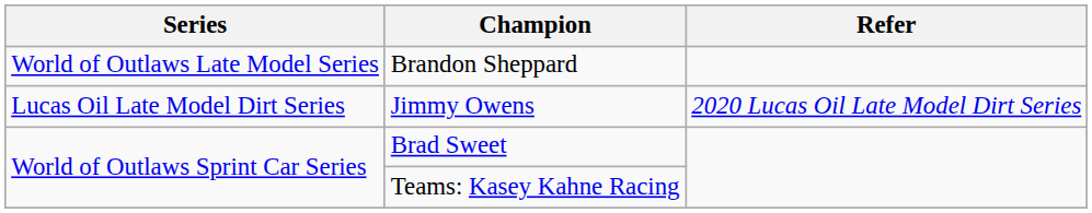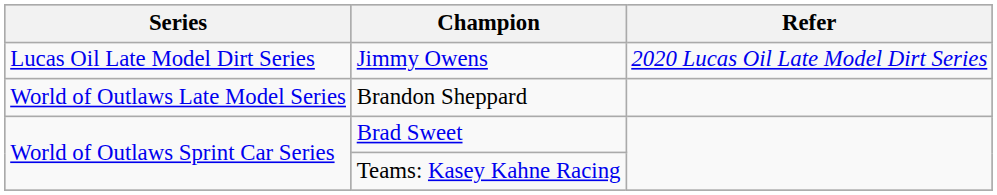 <table class="wikitable" style="font-size:87%;">
 <tr>
 <th>Series</th>
 <th>Champion</th>
 <th>Refer</th>
 </tr>
 <tr>
+<td><a href='#'>Lucas Oil Late Model Dirt Series</a></td>
+<td> <a href='#'>Jimmy Owens</a></td>
+<td><em><a href='#'>2020 Lucas Oil Late Model Dirt Series</a></em></td>
+</tr>
+<tr>
 <td><a href='#'>World of Outlaws Late Model Series</a></td>
 <td> Brandon Sheppard</td>
 <td></td>
-</tr>
-<tr>
-<td><a href='#'>Lucas Oil Late Model Dirt Series</a></td>
-<td> <a href='#'>Jimmy Owens</a></td>
-<td><em><a href='#'>2020 Lucas Oil Late Model Dirt Series</a></em></td>
 </tr>
 <tr>
 <td rowspan=2><a href='#'>World of Outlaws Sprint Car Series</a></td>
 <td> <a href='#'>Brad Sweet</a></td>
 <td rowspan=2></td>
 </tr>
 <tr>
 <td>Teams:  <a href='#'>Kasey Kahne Racing</a></td>
 </tr>
 </table>
